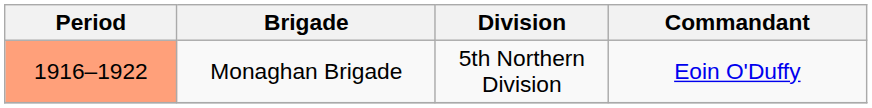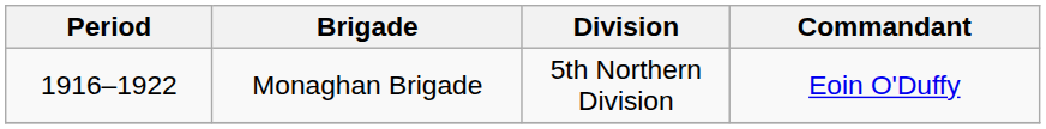 <table class="wikitable sortable" style="text-align:right">
 <tr>
 <th width=20%>Period</th>
 <th width=30%>Brigade</th>
 <th width=20%>Division</th>
 <th width=30%>Commandant</th>
 </tr>
 <tr>
-<td align="center" style="background: lightsalmon;">1916–1922</td>
+<td align="center">1916–1922</td>
 <td align="center">Monaghan Brigade</td>
 <td align="center">5th Northern Division</td>
 <td align="center"><a href='#'>Eoin O'Duffy</a></td>
 </tr>
 <tr>
 </tr>
 </table>
